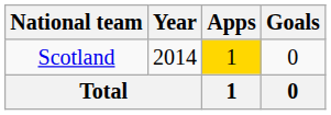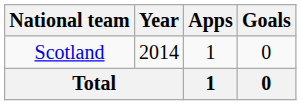 <table class="wikitable" style="text-align: center">
 <tr>
 <th>National team</th>
 <th>Year</th>
 <th>Apps</th>
 <th>Goals</th>
 </tr>
 <tr>
 <td rowspan="1"><a href='#'>Scotland</a></td>
 <td>2014</td>
-<td style="background: gold;">1</td>
+<td>1</td>
 <td>0</td>
 </tr>
 <tr>
 <th colspan="2">Total</th>
 <th>1</th>
 <th>0</th>
 </tr>
 </table>
